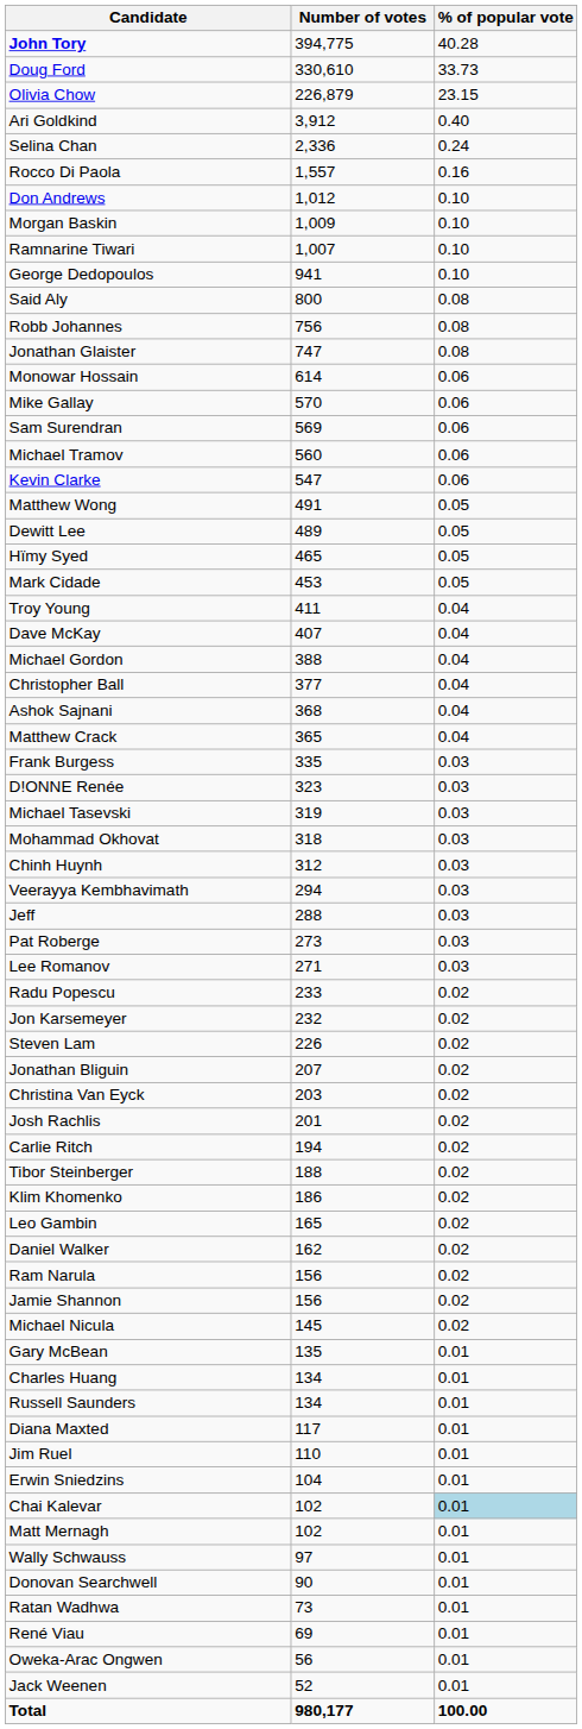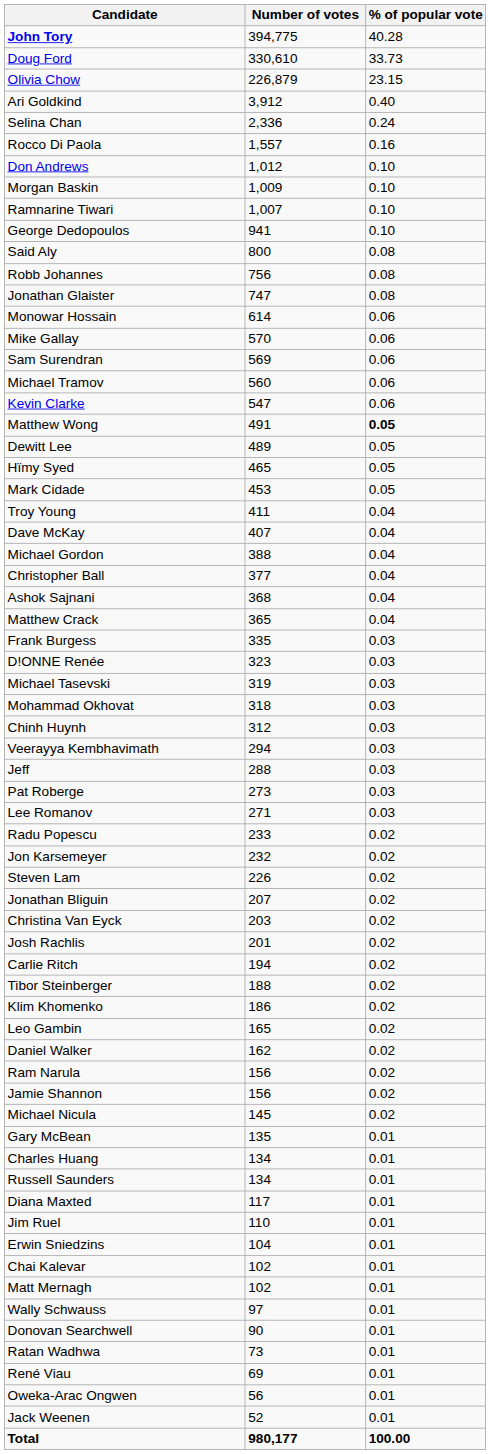 <table class="wikitable sortable">
 <tr style="background-color:#E9E9E9">
 <th width=50%>Candidate</th>
 <th width=25%>Number of votes</th>
 <th width=25%>% of popular vote</th>
 </tr>
 <tr>
 <td><strong><a href='#'>John Tory</a></strong></td>
 <td>394,775</td>
 <td>40.28</td>
 </tr>
 <tr>
 <td><a href='#'>Doug Ford</a></td>
 <td>330,610</td>
 <td>33.73</td>
 </tr>
 <tr>
 <td><a href='#'>Olivia Chow</a></td>
 <td>226,879</td>
 <td>23.15</td>
 </tr>
 <tr>
 <td>Ari Goldkind</td>
 <td>3,912</td>
 <td>0.40</td>
 </tr>
 <tr>
 <td>Selina Chan</td>
 <td>2,336</td>
 <td>0.24</td>
 </tr>
 <tr>
 <td>Rocco Di Paola</td>
 <td>1,557</td>
 <td>0.16</td>
 </tr>
 <tr>
 <td><a href='#'>Don Andrews</a></td>
 <td>1,012</td>
 <td>0.10</td>
 </tr>
 <tr>
 <td>Morgan Baskin</td>
 <td>1,009</td>
 <td>0.10</td>
 </tr>
 <tr>
 <td>Ramnarine Tiwari</td>
 <td>1,007</td>
 <td>0.10</td>
 </tr>
 <tr>
 <td>George Dedopoulos</td>
 <td>941</td>
 <td>0.10</td>
 </tr>
 <tr>
 <td>Said Aly</td>
 <td>800</td>
 <td>0.08</td>
 </tr>
 <tr>
 <td>Robb Johannes</td>
 <td>756</td>
 <td>0.08</td>
 </tr>
 <tr>
 <td>Jonathan Glaister</td>
 <td>747</td>
 <td>0.08</td>
 </tr>
 <tr>
 <td>Monowar Hossain</td>
 <td>614</td>
 <td>0.06</td>
 </tr>
 <tr>
 <td>Mike Gallay</td>
 <td>570</td>
 <td>0.06</td>
 </tr>
 <tr>
 <td>Sam Surendran</td>
 <td>569</td>
 <td>0.06</td>
 </tr>
 <tr>
 <td>Michael Tramov</td>
 <td>560</td>
 <td>0.06</td>
 </tr>
 <tr>
 <td><a href='#'>Kevin Clarke</a></td>
 <td>547</td>
 <td>0.06</td>
 </tr>
 <tr>
 <td>Matthew Wong</td>
 <td>491</td>
-<td>0.05</td>
+<td><strong>0.05</strong></td>
 </tr>
 <tr>
 <td>Dewitt Lee</td>
 <td>489</td>
 <td>0.05</td>
 </tr>
 <tr>
 <td>Hïmy Syed</td>
 <td>465</td>
 <td>0.05</td>
 </tr>
 <tr>
 <td>Mark Cidade</td>
 <td>453</td>
 <td>0.05</td>
 </tr>
 <tr>
 <td>Troy Young</td>
 <td>411</td>
 <td>0.04</td>
 </tr>
 <tr>
 <td>Dave McKay</td>
 <td>407</td>
 <td>0.04</td>
 </tr>
 <tr>
 <td>Michael Gordon</td>
 <td>388</td>
 <td>0.04</td>
 </tr>
 <tr>
 <td>Christopher Ball</td>
 <td>377</td>
 <td>0.04</td>
 </tr>
 <tr>
 <td>Ashok Sajnani</td>
 <td>368</td>
 <td>0.04</td>
 </tr>
 <tr>
 <td>Matthew Crack</td>
 <td>365</td>
 <td>0.04</td>
 </tr>
 <tr>
 <td>Frank Burgess</td>
 <td>335</td>
 <td>0.03</td>
 </tr>
 <tr>
 <td>D!ONNE Renée</td>
 <td>323</td>
 <td>0.03</td>
 </tr>
 <tr>
 <td>Michael Tasevski</td>
 <td>319</td>
 <td>0.03</td>
 </tr>
 <tr>
 <td>Mohammad Okhovat</td>
 <td>318</td>
 <td>0.03</td>
 </tr>
 <tr>
 <td>Chinh Huynh</td>
 <td>312</td>
 <td>0.03</td>
 </tr>
 <tr>
 <td>Veerayya Kembhavimath</td>
 <td>294</td>
 <td>0.03</td>
 </tr>
 <tr>
 <td>Jeff </td>
 <td>288</td>
 <td>0.03</td>
 </tr>
 <tr>
 <td>Pat Roberge</td>
 <td>273</td>
 <td>0.03</td>
 </tr>
 <tr>
 <td>Lee Romanov</td>
 <td>271</td>
 <td>0.03</td>
 </tr>
 <tr>
 <td>Radu Popescu</td>
 <td>233</td>
 <td>0.02</td>
 </tr>
 <tr>
 <td>Jon Karsemeyer</td>
 <td>232</td>
 <td>0.02</td>
 </tr>
 <tr>
 <td>Steven Lam</td>
 <td>226</td>
 <td>0.02</td>
 </tr>
 <tr>
 <td>Jonathan Bliguin</td>
 <td>207</td>
 <td>0.02</td>
 </tr>
 <tr>
 <td>Christina Van Eyck</td>
 <td>203</td>
 <td>0.02</td>
 </tr>
 <tr>
 <td>Josh Rachlis</td>
 <td>201</td>
 <td>0.02</td>
 </tr>
 <tr>
 <td>Carlie Ritch</td>
 <td>194</td>
 <td>0.02</td>
 </tr>
 <tr>
 <td>Tibor Steinberger</td>
 <td>188</td>
 <td>0.02</td>
 </tr>
 <tr>
 <td>Klim Khomenko</td>
 <td>186</td>
 <td>0.02</td>
 </tr>
 <tr>
 <td>Leo Gambin</td>
 <td>165</td>
 <td>0.02</td>
 </tr>
 <tr>
 <td>Daniel Walker</td>
 <td>162</td>
 <td>0.02</td>
 </tr>
 <tr>
 <td>Ram Narula</td>
 <td>156</td>
 <td>0.02</td>
 </tr>
 <tr>
 <td>Jamie Shannon</td>
 <td>156</td>
 <td>0.02</td>
 </tr>
 <tr>
 <td>Michael Nicula</td>
 <td>145</td>
 <td>0.02</td>
 </tr>
 <tr>
 <td>Gary McBean</td>
 <td>135</td>
 <td>0.01</td>
 </tr>
 <tr>
 <td>Charles Huang</td>
 <td>134</td>
 <td>0.01</td>
 </tr>
 <tr>
 <td>Russell Saunders</td>
 <td>134</td>
 <td>0.01</td>
 </tr>
 <tr>
 <td>Diana Maxted</td>
 <td>117</td>
 <td>0.01</td>
 </tr>
 <tr>
 <td>Jim Ruel</td>
 <td>110</td>
 <td>0.01</td>
 </tr>
 <tr>
 <td>Erwin Sniedzins</td>
 <td>104</td>
 <td>0.01</td>
 </tr>
 <tr>
 <td>Chai Kalevar</td>
 <td>102</td>
-<td style="background: lightblue;">0.01</td>
+<td>0.01</td>
 </tr>
 <tr>
 <td>Matt Mernagh</td>
 <td>102</td>
 <td>0.01</td>
 </tr>
 <tr>
 <td>Wally Schwauss</td>
 <td>97</td>
 <td>0.01</td>
 </tr>
 <tr>
 <td>Donovan Searchwell</td>
 <td>90</td>
 <td>0.01</td>
 </tr>
 <tr>
 <td>Ratan Wadhwa</td>
 <td>73</td>
 <td>0.01</td>
 </tr>
 <tr>
 <td>René Viau</td>
 <td>69</td>
 <td>0.01</td>
 </tr>
 <tr>
 <td>Oweka-Arac Ongwen</td>
 <td>56</td>
 <td>0.01</td>
 </tr>
 <tr>
 <td>Jack Weenen</td>
 <td>52</td>
 <td>0.01</td>
 </tr>
 <tr>
 <td><strong>Total</strong></td>
 <td><strong>980,177</strong></td>
 <td><strong>100.00</strong></td>
 </tr>
 </table>
